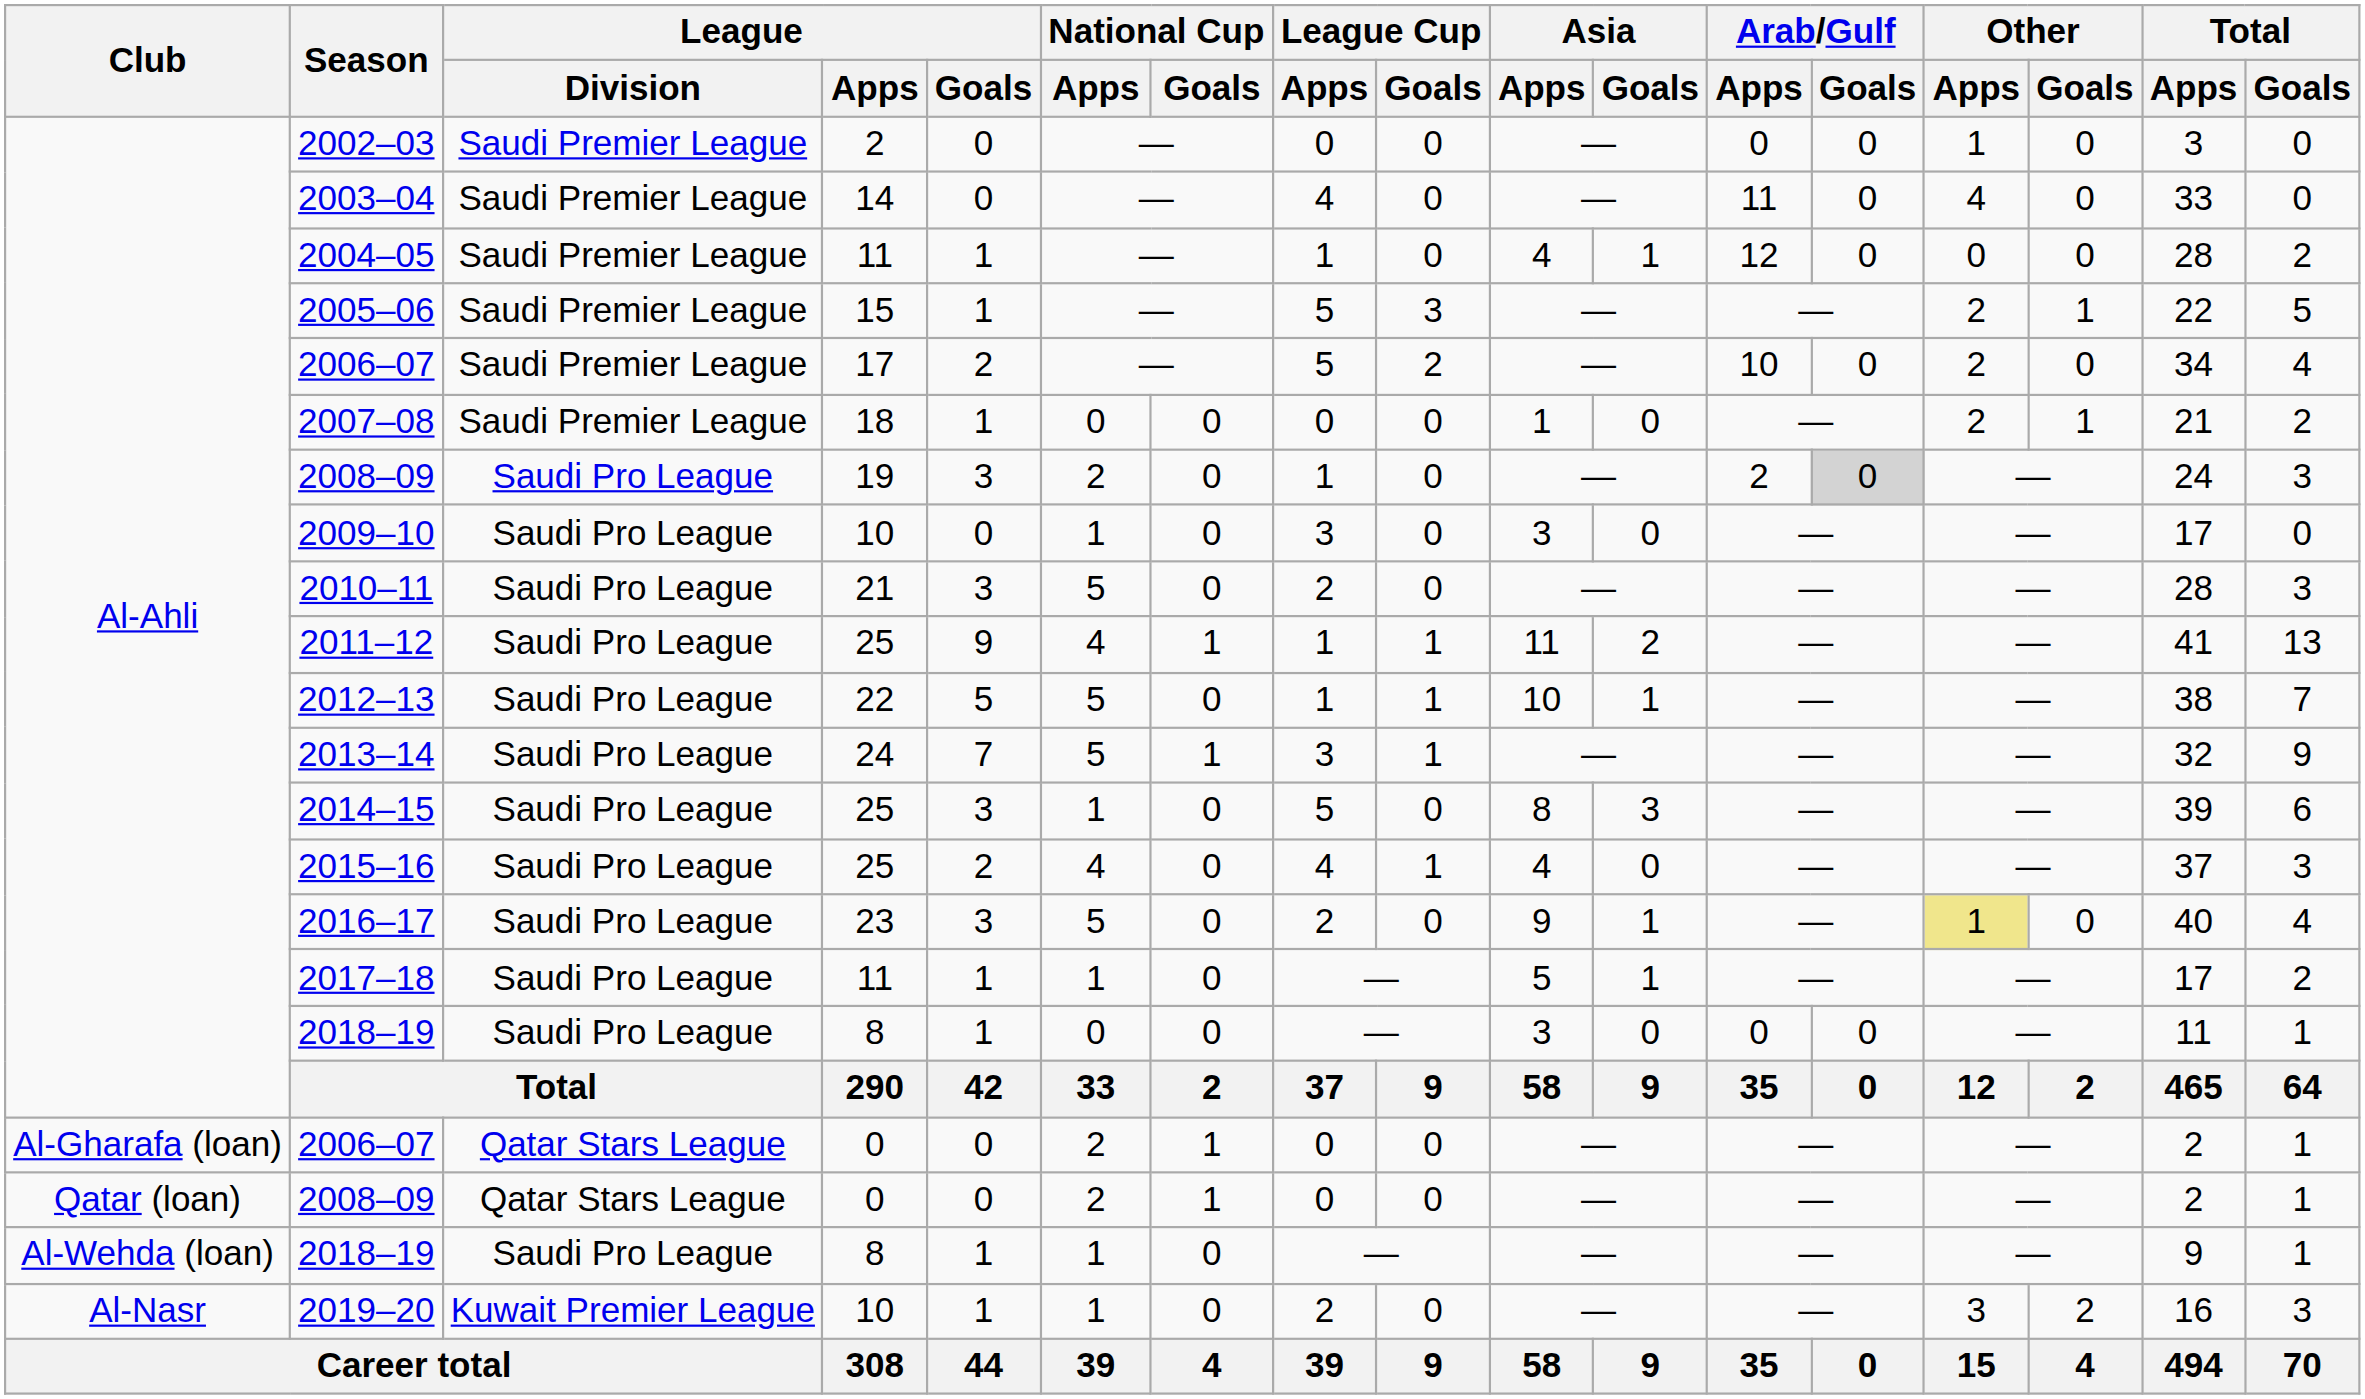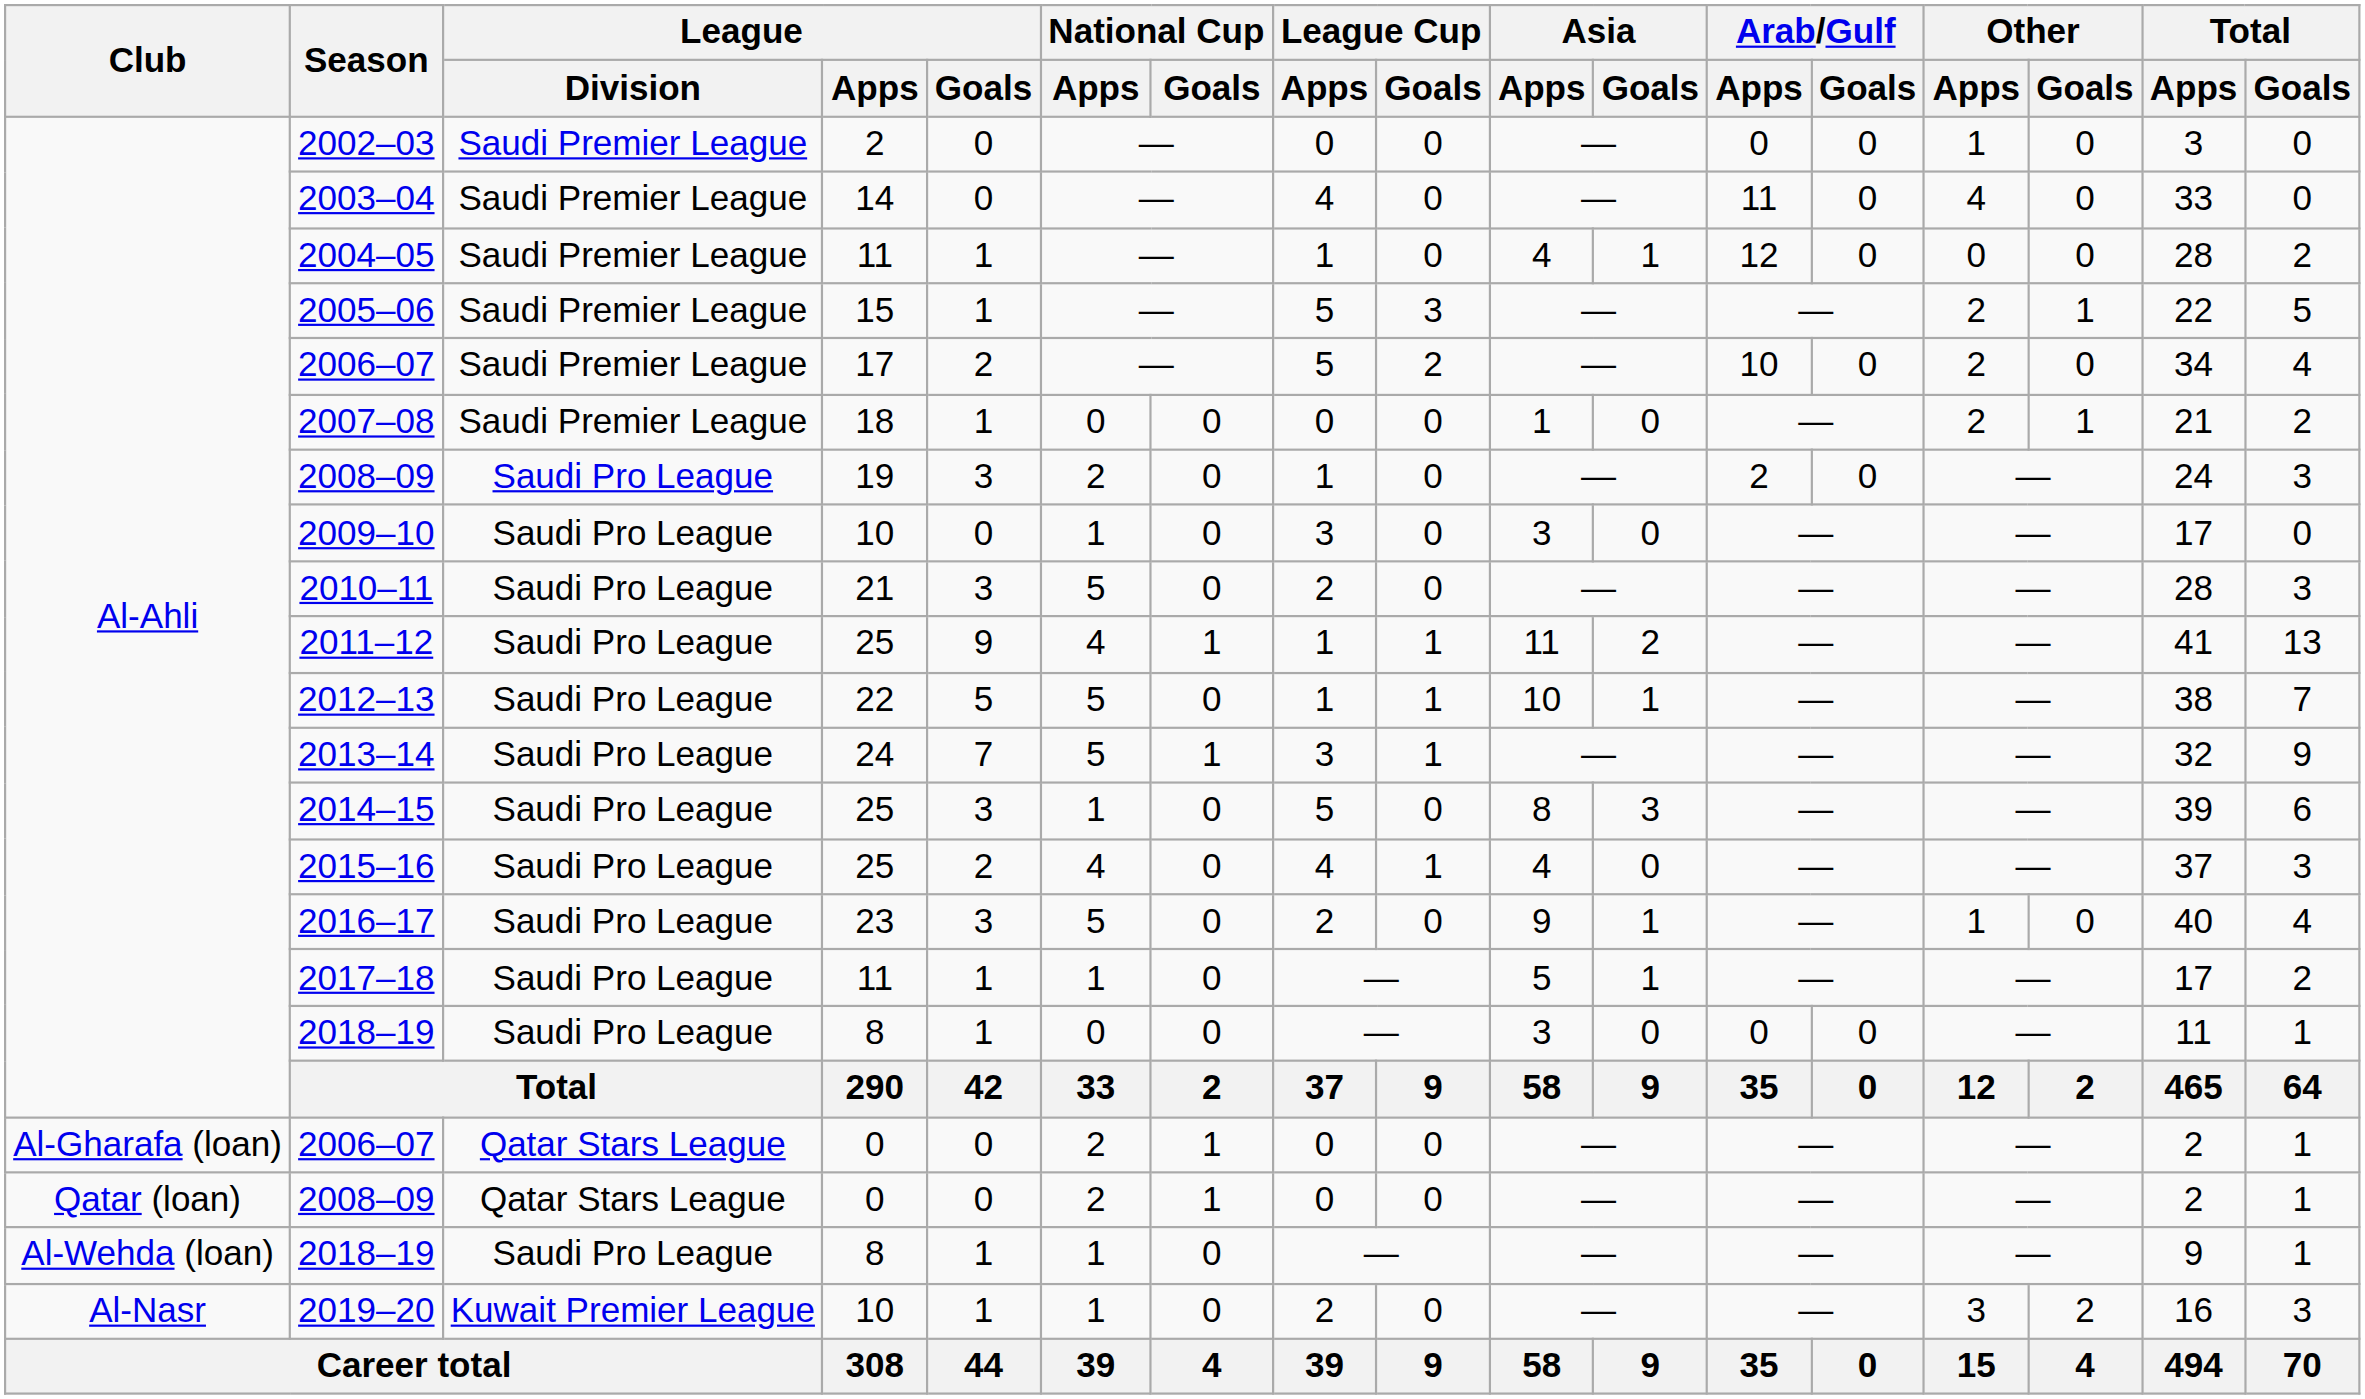 <table class="wikitable" style="text-align: center;">
 <tr>
 <th rowspan="2">Club</th>
 <th rowspan="2">Season</th>
 <th colspan="3">League</th>
 <th colspan="2">National Cup</th>
 <th colspan="2">League Cup</th>
 <th colspan="2">Asia</th>
 <th colspan="2"><a href='#'>Arab</a>/<a href='#'>Gulf</a></th>
 <th colspan="2">Other</th>
 <th colspan="2">Total</th>
 </tr>
 <tr>
 <th>Division</th>
 <th>Apps</th>
 <th>Goals</th>
 <th>Apps</th>
 <th>Goals</th>
 <th>Apps</th>
 <th>Goals</th>
 <th>Apps</th>
 <th>Goals</th>
 <th>Apps</th>
 <th>Goals</th>
 <th>Apps</th>
 <th>Goals</th>
 <th>Apps</th>
 <th>Goals</th>
 </tr>
 <tr>
 <td rowspan=18><a href='#'>Al-Ahli</a></td>
 <td><a href='#'>2002–03</a></td>
 <td><a href='#'>Saudi Premier League</a></td>
 <td>2</td>
 <td>0</td>
 <td colspan=2>—</td>
 <td>0</td>
 <td>0</td>
 <td colspan=2>—</td>
 <td>0</td>
 <td>0</td>
 <td>1</td>
 <td>0</td>
 <td>3</td>
 <td>0</td>
 </tr>
 <tr>
 <td><a href='#'>2003–04</a></td>
 <td>Saudi Premier League</td>
 <td>14</td>
 <td>0</td>
 <td colspan=2>—</td>
 <td>4</td>
 <td>0</td>
 <td colspan=2>—</td>
 <td>11</td>
 <td>0</td>
 <td>4</td>
 <td>0</td>
 <td>33</td>
 <td>0</td>
 </tr>
 <tr>
 <td><a href='#'>2004–05</a></td>
 <td>Saudi Premier League</td>
 <td>11</td>
 <td>1</td>
 <td colspan=2>—</td>
 <td>1</td>
 <td>0</td>
 <td>4</td>
 <td>1</td>
 <td>12</td>
 <td>0</td>
 <td>0</td>
 <td>0</td>
 <td>28</td>
 <td>2</td>
 </tr>
 <tr>
 <td><a href='#'>2005–06</a></td>
 <td>Saudi Premier League</td>
 <td>15</td>
 <td>1</td>
 <td colspan=2>—</td>
 <td>5</td>
 <td>3</td>
 <td colspan=2>—</td>
 <td colspan=2>—</td>
 <td>2</td>
 <td>1</td>
 <td>22</td>
 <td>5</td>
 </tr>
 <tr>
 <td><a href='#'>2006–07</a></td>
 <td>Saudi Premier League</td>
 <td>17</td>
 <td>2</td>
 <td colspan=2>—</td>
 <td>5</td>
 <td>2</td>
 <td colspan=2>—</td>
 <td>10</td>
 <td>0</td>
 <td>2</td>
 <td>0</td>
 <td>34</td>
 <td>4</td>
 </tr>
 <tr>
 <td><a href='#'>2007–08</a></td>
 <td>Saudi Premier League</td>
 <td>18</td>
 <td>1</td>
 <td>0</td>
 <td>0</td>
 <td>0</td>
 <td>0</td>
 <td>1</td>
 <td>0</td>
 <td colspan=2>—</td>
 <td>2</td>
 <td>1</td>
 <td>21</td>
 <td>2</td>
 </tr>
 <tr>
 <td><a href='#'>2008–09</a></td>
 <td><a href='#'>Saudi Pro League</a></td>
 <td>19</td>
 <td>3</td>
 <td>2</td>
 <td>0</td>
 <td>1</td>
 <td>0</td>
 <td colspan=2>—</td>
 <td>2</td>
-<td style="background: lightgrey;">0</td>
+<td>0</td>
 <td colspan=2>—</td>
 <td>24</td>
 <td>3</td>
 </tr>
 <tr>
 <td><a href='#'>2009–10</a></td>
 <td>Saudi Pro League</td>
 <td>10</td>
 <td>0</td>
 <td>1</td>
 <td>0</td>
 <td>3</td>
 <td>0</td>
 <td>3</td>
 <td>0</td>
 <td colspan=2>—</td>
 <td colspan=2>—</td>
 <td>17</td>
 <td>0</td>
 </tr>
 <tr>
 <td><a href='#'>2010–11</a></td>
 <td>Saudi Pro League</td>
 <td>21</td>
 <td>3</td>
 <td>5</td>
 <td>0</td>
 <td>2</td>
 <td>0</td>
 <td colspan=2>—</td>
 <td colspan=2>—</td>
 <td colspan=2>—</td>
 <td>28</td>
 <td>3</td>
 </tr>
 <tr>
 <td><a href='#'>2011–12</a></td>
 <td>Saudi Pro League</td>
 <td>25</td>
 <td>9</td>
 <td>4</td>
 <td>1</td>
 <td>1</td>
 <td>1</td>
 <td>11</td>
 <td>2</td>
 <td colspan=2>—</td>
 <td colspan=2>—</td>
 <td>41</td>
 <td>13</td>
 </tr>
 <tr>
 <td><a href='#'>2012–13</a></td>
 <td>Saudi Pro League</td>
 <td>22</td>
 <td>5</td>
 <td>5</td>
 <td>0</td>
 <td>1</td>
 <td>1</td>
 <td>10</td>
 <td>1</td>
 <td colspan=2>—</td>
 <td colspan=2>—</td>
 <td>38</td>
 <td>7</td>
 </tr>
 <tr>
 <td><a href='#'>2013–14</a></td>
 <td>Saudi Pro League</td>
 <td>24</td>
 <td>7</td>
 <td>5</td>
 <td>1</td>
 <td>3</td>
 <td>1</td>
 <td colspan=2>—</td>
 <td colspan=2>—</td>
 <td colspan=2>—</td>
 <td>32</td>
 <td>9</td>
 </tr>
 <tr>
 <td><a href='#'>2014–15</a></td>
 <td>Saudi Pro League</td>
 <td>25</td>
 <td>3</td>
 <td>1</td>
 <td>0</td>
 <td>5</td>
 <td>0</td>
 <td>8</td>
 <td>3</td>
 <td colspan=2>—</td>
 <td colspan=2>—</td>
 <td>39</td>
 <td>6</td>
 </tr>
 <tr>
 <td><a href='#'>2015–16</a></td>
 <td>Saudi Pro League</td>
 <td>25</td>
 <td>2</td>
 <td>4</td>
 <td>0</td>
 <td>4</td>
 <td>1</td>
 <td>4</td>
 <td>0</td>
 <td colspan=2>—</td>
 <td colspan=2>—</td>
 <td>37</td>
 <td>3</td>
 </tr>
 <tr>
 <td><a href='#'>2016–17</a></td>
 <td>Saudi Pro League</td>
 <td>23</td>
 <td>3</td>
 <td>5</td>
 <td>0</td>
 <td>2</td>
 <td>0</td>
 <td>9</td>
 <td>1</td>
 <td colspan=2>—</td>
-<td style="background: khaki;">1</td>
+<td>1</td>
 <td>0</td>
 <td>40</td>
 <td>4</td>
 </tr>
 <tr>
 <td><a href='#'>2017–18</a></td>
 <td>Saudi Pro League</td>
 <td>11</td>
 <td>1</td>
 <td>1</td>
 <td>0</td>
 <td colspan=2>—</td>
 <td>5</td>
 <td>1</td>
 <td colspan=2>—</td>
 <td colspan=2>—</td>
 <td>17</td>
 <td>2</td>
 </tr>
 <tr>
 <td><a href='#'>2018–19</a></td>
 <td>Saudi Pro League</td>
 <td>8</td>
 <td>1</td>
 <td>0</td>
 <td>0</td>
 <td colspan=2>—</td>
 <td>3</td>
 <td>0</td>
 <td>0</td>
 <td>0</td>
 <td colspan=2>—</td>
 <td>11</td>
 <td>1</td>
 </tr>
 <tr>
 <th colspan="2">Total</th>
 <th>290</th>
 <th>42</th>
 <th>33</th>
 <th>2</th>
 <th>37</th>
 <th>9</th>
 <th>58</th>
 <th>9</th>
 <th>35</th>
 <th>0</th>
 <th>12</th>
 <th>2</th>
 <th>465</th>
 <th>64</th>
 </tr>
 <tr>
 <td><a href='#'>Al-Gharafa</a> (loan)</td>
 <td><a href='#'>2006–07</a></td>
 <td><a href='#'>Qatar Stars League</a></td>
 <td>0</td>
 <td>0</td>
 <td>2</td>
 <td>1</td>
 <td>0</td>
 <td>0</td>
 <td colspan=2>—</td>
 <td colspan=2>—</td>
 <td colspan=2>—</td>
 <td>2</td>
 <td>1</td>
 </tr>
 <tr>
 <td><a href='#'>Qatar</a> (loan)</td>
 <td><a href='#'>2008–09</a></td>
 <td>Qatar Stars League</td>
 <td>0</td>
 <td>0</td>
 <td>2</td>
 <td>1</td>
 <td>0</td>
 <td>0</td>
 <td colspan=2>—</td>
 <td colspan=2>—</td>
 <td colspan=2>—</td>
 <td>2</td>
 <td>1</td>
 </tr>
 <tr>
 <td><a href='#'>Al-Wehda</a> (loan)</td>
 <td><a href='#'>2018–19</a></td>
 <td>Saudi Pro League</td>
 <td>8</td>
 <td>1</td>
 <td>1</td>
 <td>0</td>
 <td colspan=2>—</td>
 <td colspan=2>—</td>
 <td colspan=2>—</td>
 <td colspan=2>—</td>
 <td>9</td>
 <td>1</td>
 </tr>
 <tr>
 <td><a href='#'>Al-Nasr</a></td>
 <td><a href='#'>2019–20</a></td>
 <td><a href='#'>Kuwait Premier League</a></td>
 <td>10</td>
 <td>1</td>
 <td>1</td>
 <td>0</td>
 <td>2</td>
 <td>0</td>
 <td colspan=2>—</td>
 <td colspan=2>—</td>
 <td>3</td>
 <td>2</td>
 <td>16</td>
 <td>3</td>
 </tr>
 <tr>
 <th colspan=3>Career total</th>
 <th>308</th>
 <th>44</th>
 <th>39</th>
 <th>4</th>
 <th>39</th>
 <th>9</th>
 <th>58</th>
 <th>9</th>
 <th>35</th>
 <th>0</th>
 <th>15</th>
 <th>4</th>
 <th>494</th>
 <th>70</th>
 </tr>
 </table>
